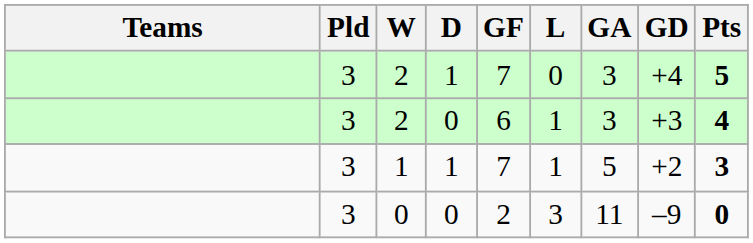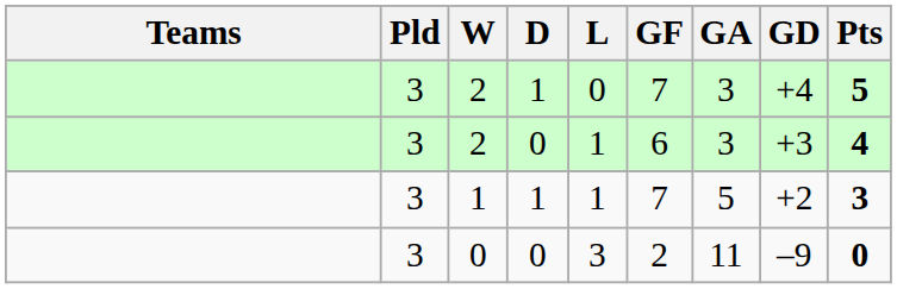 <table class="wikitable" style="text-align: center;">
 <tr>
 <th width=165>Teams</th>
 <th width=20>Pld</th>
 <th width=20>W</th>
 <th width=20>D</th>
+<th width=20>L</th>
 <th width=20>GF</th>
-<th width=20>L</th>
 <th width=20>GA</th>
 <th width=20>GD</th>
 <th width=20>Pts</th>
 </tr>
 <tr align=center style="background:#ccffcc;">
 <td style="text-align:left;"></td>
 <td>3</td>
 <td>2</td>
 <td>1</td>
+<td>0</td>
 <td>7</td>
-<td>0</td>
 <td>3</td>
 <td>+4</td>
 <td><strong>5</strong></td>
 </tr>
 <tr align=center style="background:#ccffcc;">
 <td style="text-align:left;"></td>
 <td>3</td>
 <td>2</td>
 <td>0</td>
+<td>1</td>
 <td>6</td>
-<td>1</td>
 <td>3</td>
 <td>+3</td>
 <td><strong>4</strong></td>
 </tr>
 <tr align=center>
 <td style="text-align:left;"></td>
 <td>3</td>
 <td>1</td>
 <td>1</td>
+<td>1</td>
 <td>7</td>
-<td>1</td>
 <td>5</td>
 <td>+2</td>
 <td><strong>3</strong></td>
 </tr>
 <tr align=center>
 <td style="text-align:left;"></td>
 <td>3</td>
 <td>0</td>
 <td>0</td>
+<td>3</td>
 <td>2</td>
-<td>3</td>
 <td>11</td>
 <td>–9</td>
 <td><strong>0</strong></td>
 </tr>
 </table>
